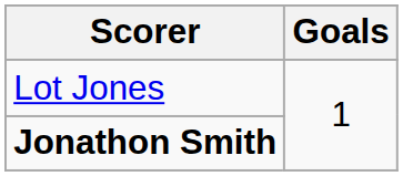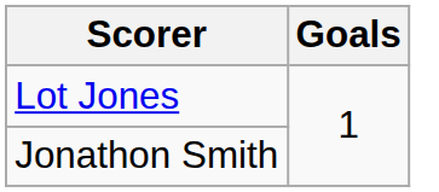 <table class="wikitable">
 <tr>
 <th>Scorer</th>
 <th>Goals</th>
 </tr>
 <tr>
 <td> <a href='#'>Lot Jones</a></td>
 <td rowspan="2" align=center>1</td>
 </tr>
 <tr>
-<td><strong>Jonathon Smith</strong></td>
+<td>Jonathon Smith</td>
 </tr>
 </table>
